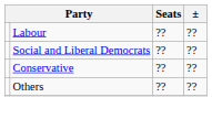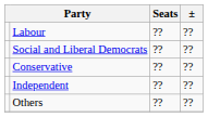 <table class="wikitable">
 <tr>
 <th colspan="2">Party</th>
 <th>Seats</th>
 <th>  ±  </th>
 </tr>
 <tr>
 <td style="background-color: "></td>
 <td><a href='#'>Labour</a></td>
 <td>??</td>
 <td>??</td>
 </tr>
 <tr>
 <td style="background-color: "></td>
 <td><a href='#'>Social and Liberal Democrats</a></td>
 <td>??</td>
 <td>??</td>
 </tr>
 <tr>
 <td style="background-color: "></td>
 <td><a href='#'>Conservative</a></td>
 <td>??</td>
 <td>??</td>
 </tr>
 <tr>
 <td style="background-color: "></td>
+<td><a href='#'>Independent</a></td>
+<td>??</td>
+<td>??</td>
+</tr>
+<tr>
+<td style="background-color: "></td>
 <td>Others</td>
 <td>??</td>
 <td>??</td>
 </tr>
 <tr>
 </tr>
 </table>
